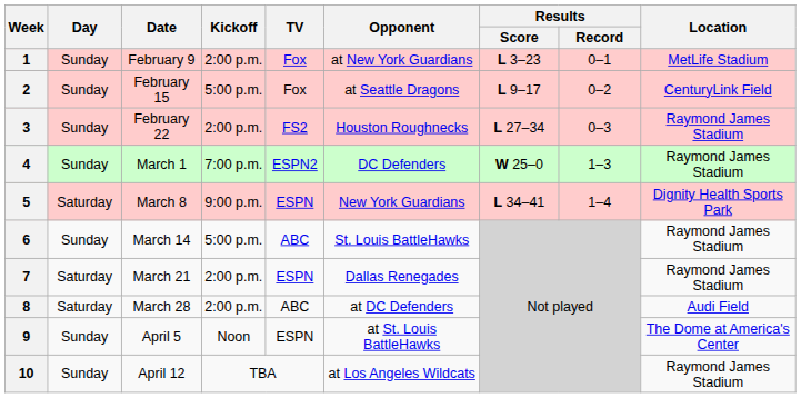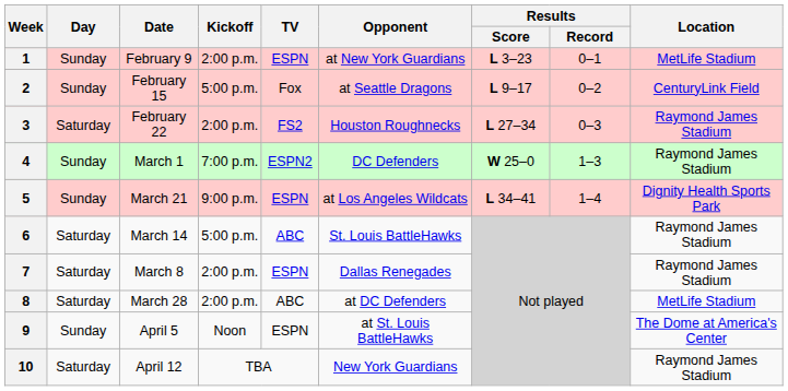 <table class="wikitable" style="text-align:center; font-size: 95%;">
 <tr>
 <th rowspan="2" width="40">Week</th>
 <th rowspan="2" width="80">Day</th>
 <th rowspan="2" width="90">Date</th>
 <th rowspan="2" width="60">Kickoff</th>
 <th rowspan="2" width="60">TV</th>
 <th rowspan="2" width="200">Opponent</th>
 <th colspan="2" width="200">Results</th>
 <th rowspan="2" width="200">Location</th>
 </tr>
 <tr>
 <th width="60">Score</th>
 <th width="60">Record</th>
 </tr>
 <tr bgcolor=#ffcccc>
 <th>1</th>
 <td>Sunday</td>
 <td>February 9</td>
 <td>2:00 p.m.</td>
-<td><a href='#'>Fox</a></td>
+<td><a href='#'>ESPN</a></td>
 <td>at <a href='#'>New York Guardians</a></td>
 <td><strong>L</strong> 3–23</td>
 <td>0–1</td>
 <td><a href='#'>MetLife Stadium</a></td>
 </tr>
 <tr bgcolor=#ffcccc>
 <th>2</th>
 <td>Sunday</td>
 <td>February 15</td>
 <td>5:00 p.m.</td>
 <td>Fox</td>
 <td>at <a href='#'>Seattle Dragons</a></td>
 <td><strong>L</strong> 9–17</td>
 <td>0–2</td>
 <td><a href='#'>CenturyLink Field</a></td>
 </tr>
 <tr bgcolor=#ffcccc>
 <th>3</th>
-<td>Sunday</td>
+<td>Saturday</td>
 <td>February 22</td>
 <td>2:00 p.m.</td>
 <td><a href='#'>FS2</a></td>
 <td><a href='#'>Houston Roughnecks</a></td>
 <td><strong>L</strong> 27–34</td>
 <td>0–3</td>
 <td><a href='#'>Raymond James Stadium</a></td>
 </tr>
 <tr bgcolor=#ccffcc>
 <th>4</th>
 <td>Sunday</td>
 <td>March 1</td>
 <td>7:00 p.m.</td>
 <td><a href='#'>ESPN2</a></td>
 <td><a href='#'>DC Defenders</a></td>
 <td><strong>W</strong> 25–0</td>
 <td>1–3</td>
 <td>Raymond James Stadium</td>
 </tr>
 <tr bgcolor=#ffcccc>
 <th>5</th>
-<td>Saturday</td>
-<td>March 8</td>
+<td>Sunday</td>
+<td>March 21</td>
 <td>9:00 p.m.</td>
 <td><a href='#'>ESPN</a></td>
-<td><a href='#'>New York Guardians</a></td>
+<td>at <a href='#'>Los Angeles Wildcats</a></td>
 <td><strong>L</strong> 34–41</td>
 <td>1–4</td>
 <td><a href='#'>Dignity Health Sports Park</a></td>
 </tr>
 <tr bgcolor=>
 <th>6</th>
-<td>Sunday</td>
+<td>Saturday</td>
 <td>March 14</td>
 <td>5:00 p.m.</td>
 <td><a href='#'>ABC</a></td>
 <td><a href='#'>St. Louis BattleHawks</a></td>
 <td colspan=2 rowspan=5 bgcolor=lightgrey>Not played</td>
 <td>Raymond James Stadium</td>
 </tr>
 <tr bgcolor=>
 <th>7</th>
 <td>Saturday</td>
-<td>March 21</td>
+<td>March 8</td>
 <td>2:00 p.m.</td>
 <td><a href='#'>ESPN</a></td>
 <td><a href='#'>Dallas Renegades</a></td>
 <td>Raymond James Stadium</td>
 </tr>
 <tr bgcolor=>
 <th>8</th>
 <td>Saturday</td>
 <td>March 28</td>
 <td>2:00 p.m.</td>
 <td>ABC</td>
 <td>at <a href='#'>DC Defenders</a></td>
-<td><a href='#'>Audi Field</a></td>
+<td><a href='#'>MetLife Stadium</a></td>
 </tr>
 <tr bgcolor=>
 <th>9</th>
 <td>Sunday</td>
 <td>April 5</td>
 <td>Noon</td>
 <td>ESPN</td>
 <td>at <a href='#'>St. Louis BattleHawks</a></td>
 <td><a href='#'>The Dome at America's Center</a></td>
 </tr>
 <tr bgcolor=>
 <th>10</th>
-<td>Sunday</td>
+<td>Saturday</td>
 <td>April 12</td>
 <td colspan=2>TBA</td>
-<td>at <a href='#'>Los Angeles Wildcats</a></td>
+<td><a href='#'>New York Guardians</a></td>
 <td>Raymond James Stadium</td>
 </tr>
 </table>
